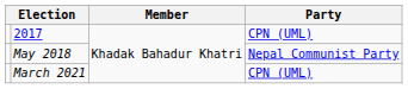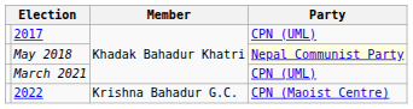 <table class="wikitable">
 <tr>
 <th colspan="2">Election</th>
 <th>Member</th>
 <th>Party</th>
 </tr>
 <tr>
 <td style="color:inherit;background:"></td>
 <td><a href='#'>2017</a></td>
 <td rowspan="3">Khadak Bahadur Khatri</td>
 <td><a href='#'>CPN (UML)</a></td>
 </tr>
 <tr>
 <td style="color:inherit;background:"></td>
 <td><em>May 2018</em></td>
-<td><a href='#'>Nepal Communist Party</a></td>
+<td style="background: lightyellow;"><a href='#'>Nepal Communist Party</a></td>
 </tr>
 <tr>
 <td style="color:inherit;background:"></td>
 <td><em>March 2021</em></td>
 <td><a href='#'>CPN (UML)</a></td>
 </tr>
+<tr>
+<td style="color:inherit;background:"></td>
+<td><a href='#'>2022</a></td>
+<td>Krishna Bahadur G.C.</td>
+<td><a href='#'>CPN (Maoist Centre)</a></td>
+</tr>
 </table>
